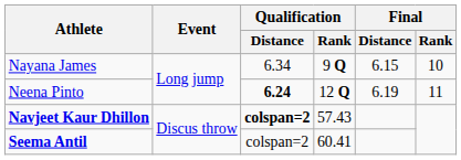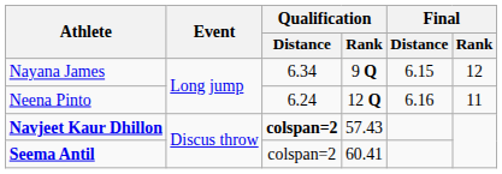 <table class=wikitable style=font-size:90%;text-align:center;>
 <tr>
 <th rowspan=2>Athlete</th>
 <th rowspan=2>Event</th>
 <th colspan=2>Qualification</th>
 <th colspan=2>Final</th>
 </tr>
 <tr style=font-size:95%>
 <th>Distance</th>
 <th>Rank</th>
 <th>Distance</th>
 <th>Rank</th>
 </tr>
 <tr>
 <td align=left><a href='#'>Nayana James</a></td>
 <td align=left rowspan="2"><a href='#'>Long jump</a></td>
 <td>6.34</td>
 <td>9 <strong>Q</strong></td>
 <td>6.15</td>
-<td>10</td>
+<td>12</td>
 </tr>
 <tr>
 <td align=left><a href='#'>Neena Pinto</a></td>
-<td><strong>6.24</strong></td>
+<td>6.24</td>
 <td>12 <strong>Q</strong></td>
-<td>6.19</td>
+<td>6.16</td>
 <td>11</td>
 </tr>
 <tr>
 <td align=left><strong><a href='#'>Navjeet Kaur Dhillon</a></strong></td>
 <td align=left rowspan="2"><a href='#'>Discus throw</a></td>
 <td><strong>colspan=2 </strong></td>
 <td>57.43</td>
 <td></td>
 </tr>
 <tr>
 <td align=left><strong><a href='#'>Seema Antil</a></strong></td>
 <td>colspan=2 </td>
 <td>60.41</td>
 <td></td>
 </tr>
 </table>
